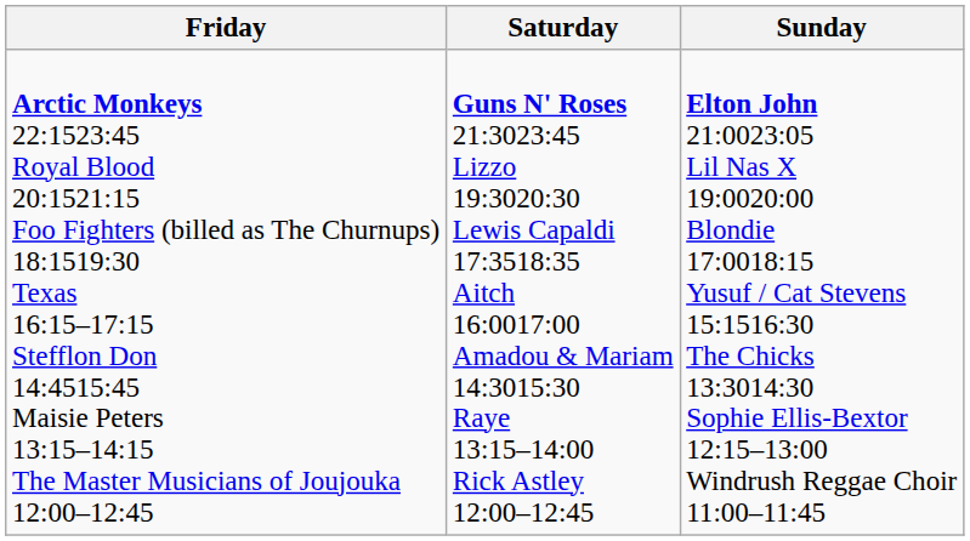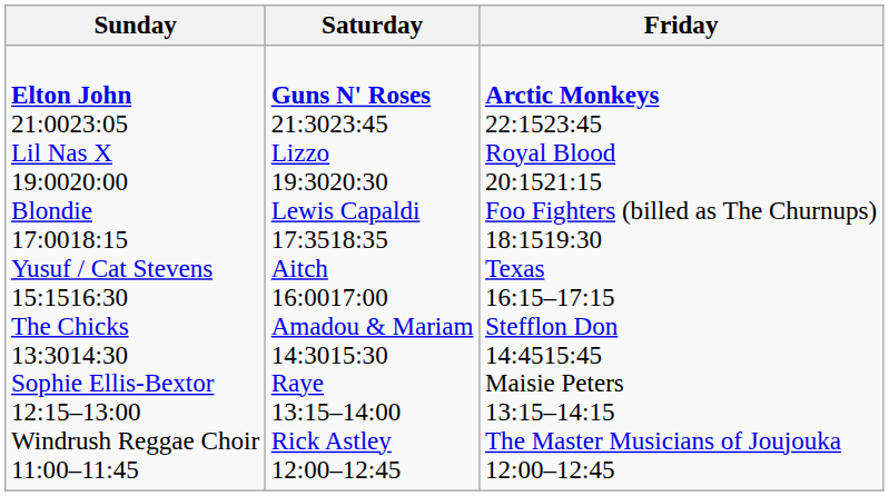 <table class="wikitable">
 <tr>
+<th>Sunday</th>
+<th>Saturday</th>
 <th>Friday</th>
-<th>Saturday</th>
-<th>Sunday</th>
 </tr>
 <tr valign="top">
+<td><br><strong><a href='#'>Elton John</a></strong><br>21:0023:05<br> <a href='#'>Lil Nas X</a><br>19:0020:00<br> <a href='#'>Blondie</a><br>17:0018:15<br> <a href='#'>Yusuf / Cat Stevens</a><br>15:1516:30<br> <a href='#'>The Chicks</a><br>13:3014:30<br> <a href='#'>Sophie Ellis-Bextor</a><br>12:15–13:00<br> Windrush Reggae Choir<br>11:00–11:45</td>
+<td><br><strong><a href='#'>Guns N' Roses</a></strong><br>21:3023:45<br> <a href='#'>Lizzo</a><br>19:3020:30<br> <a href='#'>Lewis Capaldi</a><br>17:3518:35<br> <a href='#'>Aitch</a><br>16:0017:00<br> <a href='#'>Amadou & Mariam</a><br>14:3015:30<br><a href='#'>Raye</a><br>13:15–14:00<br><a href='#'>Rick Astley</a><br>12:00–12:45</td>
 <td><br><strong><a href='#'>Arctic Monkeys</a></strong><br>22:1523:45<br> <a href='#'>Royal Blood</a><br>20:1521:15<br> <a href='#'>Foo Fighters</a> (billed as The Churnups)<br>18:1519:30<br> <a href='#'>Texas</a><br>16:15–17:15<br> <a href='#'>Stefflon Don</a><br>14:4515:45<br> Maisie Peters<br>13:15–14:15<br> <a href='#'>The Master Musicians of Joujouka</a><br>12:00–12:45</td>
-<td><br><strong><a href='#'>Guns N' Roses</a></strong><br>21:3023:45<br> <a href='#'>Lizzo</a><br>19:3020:30<br> <a href='#'>Lewis Capaldi</a><br>17:3518:35<br> <a href='#'>Aitch</a><br>16:0017:00<br> <a href='#'>Amadou & Mariam</a><br>14:3015:30<br><a href='#'>Raye</a><br>13:15–14:00<br><a href='#'>Rick Astley</a><br>12:00–12:45</td>
-<td><br><strong><a href='#'>Elton John</a></strong><br>21:0023:05<br> <a href='#'>Lil Nas X</a><br>19:0020:00<br> <a href='#'>Blondie</a><br>17:0018:15<br> <a href='#'>Yusuf / Cat Stevens</a><br>15:1516:30<br> <a href='#'>The Chicks</a><br>13:3014:30<br> <a href='#'>Sophie Ellis-Bextor</a><br>12:15–13:00<br> Windrush Reggae Choir<br>11:00–11:45</td>
 </tr>
 </table>
